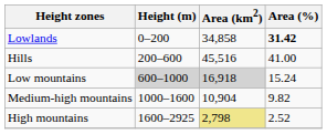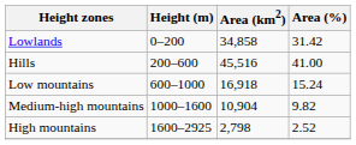 <table class="wikitable">
 <tr>
 <th>Height zones</th>
 <th>Height (m)</th>
 <th>Area (km<sup>2</sup>)</th>
 <th>Area (%)</th>
 </tr>
 <tr>
 <td><a href='#'>Lowlands</a></td>
 <td>0–200</td>
 <td>34,858</td>
-<td><strong>31.42</strong></td>
+<td>31.42</td>
 </tr>
 <tr>
 <td>Hills</td>
 <td>200–600</td>
 <td>45,516</td>
 <td>41.00</td>
 </tr>
 <tr>
 <td>Low mountains</td>
-<td style="background: lightgrey;">600–1000</td>
-<td style="background: lightgrey;">16,918</td>
+<td>600–1000</td>
+<td>16,918</td>
 <td>15.24</td>
 </tr>
 <tr>
 <td>Medium-high mountains</td>
 <td>1000–1600</td>
 <td>10,904</td>
 <td>9.82</td>
 </tr>
 <tr>
 <td>High mountains</td>
 <td>1600–2925</td>
-<td style="background: khaki;">2,798</td>
+<td>2,798</td>
 <td>2.52</td>
 </tr>
 <tr>
 </tr>
 </table>
